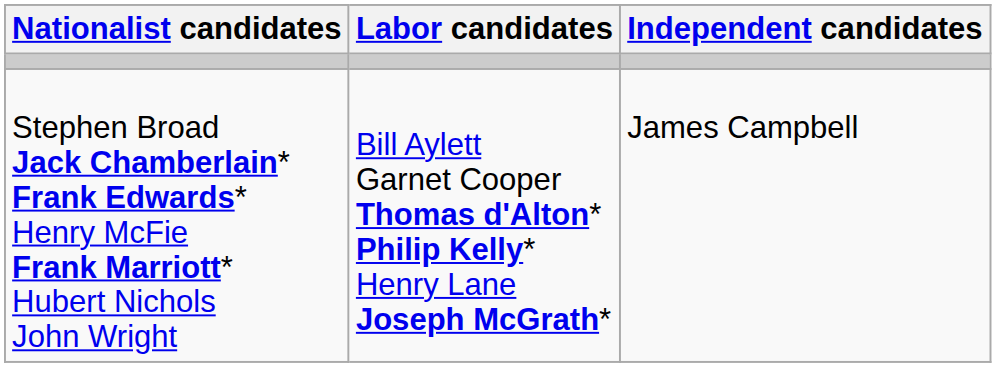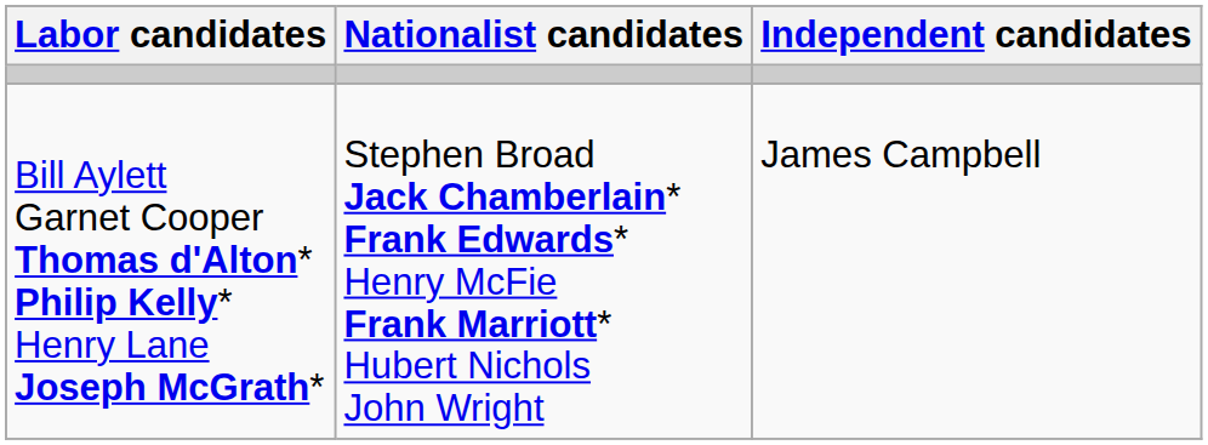 <table class="wikitable">
 <tr>
+<th><a href='#'>Labor</a> candidates</th>
 <th><a href='#'>Nationalist</a> candidates</th>
-<th><a href='#'>Labor</a> candidates</th>
 <th><a href='#'>Independent</a> candidates</th>
 </tr>
 <tr bgcolor="#cccccc">
 <td></td>
 <td></td>
 <td></td>
 </tr>
 <tr>
+<td><br><a href='#'>Bill Aylett</a><br> Garnet Cooper<br> <strong><a href='#'>Thomas d'Alton</a></strong>*<br> <strong><a href='#'>Philip Kelly</a></strong>*<br> <a href='#'>Henry Lane</a><br> <strong><a href='#'>Joseph McGrath</a></strong>*</td>
 <td><br>Stephen Broad<br> <strong><a href='#'>Jack Chamberlain</a></strong>*<br> <strong><a href='#'>Frank Edwards</a></strong>*<br> <a href='#'>Henry McFie</a><br> <strong><a href='#'>Frank Marriott</a></strong>*<br> <a href='#'>Hubert Nichols</a><br> <a href='#'>John Wright</a></td>
-<td><br><a href='#'>Bill Aylett</a><br> Garnet Cooper<br> <strong><a href='#'>Thomas d'Alton</a></strong>*<br> <strong><a href='#'>Philip Kelly</a></strong>*<br> <a href='#'>Henry Lane</a><br> <strong><a href='#'>Joseph McGrath</a></strong>*</td>
 <td valign=top><br>James Campbell</td>
 </tr>
 </table>
